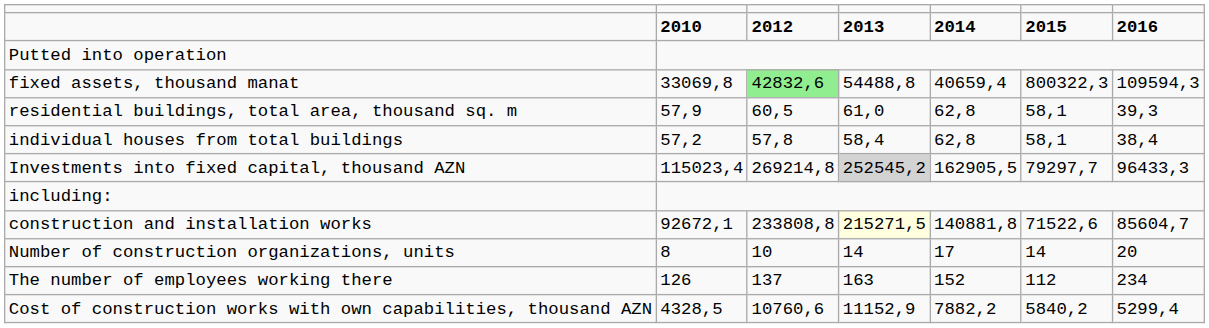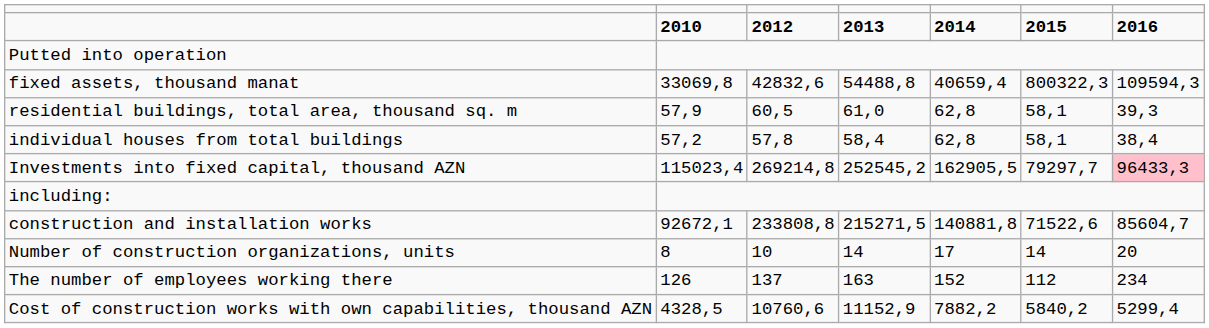 <table class="wikitable">
 <tr>
 <td></td>
 <td></td>
 <td></td>
 <td></td>
 <td></td>
 <td></td>
 <td></td>
 </tr>
 <tr>
 <td></td>
 <td><strong>2010</strong></td>
 <td><strong>2012</strong></td>
 <td><strong>2013</strong></td>
 <td><strong>2014</strong></td>
 <td><strong>2015</strong></td>
 <td><strong>2016</strong></td>
 </tr>
 <tr>
 <td>Putted  into operation</td>
 <td colspan="6"></td>
 </tr>
 <tr>
 <td>fixed  assets, thousand manat</td>
 <td>33069,8</td>
-<td style="background: lightgreen;">42832,6</td>
+<td>42832,6</td>
 <td>54488,8</td>
 <td>40659,4</td>
 <td>800322,3</td>
 <td>109594,3</td>
 </tr>
 <tr>
 <td>residential  buildings, total area, thousand sq. m</td>
 <td>57,9</td>
 <td>60,5</td>
 <td>61,0</td>
 <td>62,8</td>
 <td>58,1</td>
 <td>39,3</td>
 </tr>
 <tr>
 <td>individual  houses from total buildings</td>
 <td>57,2</td>
 <td>57,8</td>
 <td>58,4</td>
 <td>62,8</td>
 <td>58,1</td>
 <td>38,4</td>
 </tr>
 <tr>
 <td>Investments  into fixed capital, thousand AZN</td>
 <td>115023,4</td>
 <td>269214,8</td>
-<td style="background: lightgrey;">252545,2</td>
+<td>252545,2</td>
 <td>162905,5</td>
 <td>79297,7</td>
-<td>96433,3</td>
+<td style="background: pink;">96433,3</td>
 </tr>
 <tr>
 <td>including:</td>
 <td colspan="6"></td>
 </tr>
 <tr>
 <td>construction  and installation works</td>
 <td>92672,1</td>
 <td>233808,8</td>
-<td style="background: lightyellow;">215271,5</td>
+<td>215271,5</td>
 <td>140881,8</td>
 <td>71522,6</td>
 <td>85604,7</td>
 </tr>
 <tr>
 <td>Number  of construction organizations, units</td>
 <td>8</td>
 <td>10</td>
 <td>14</td>
 <td>17</td>
 <td>14</td>
 <td>20</td>
 </tr>
 <tr>
 <td>The  number of employees working there</td>
 <td>126</td>
 <td>137</td>
 <td>163</td>
 <td>152</td>
 <td>112</td>
 <td>234</td>
 </tr>
 <tr>
 <td>Cost  of construction works with own capabilities, thousand AZN</td>
 <td>4328,5</td>
 <td>10760,6</td>
 <td>11152,9</td>
 <td>7882,2</td>
 <td>5840,2</td>
 <td>5299,4</td>
 </tr>
 </table>
